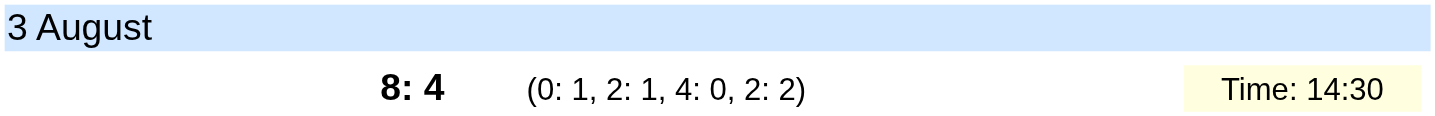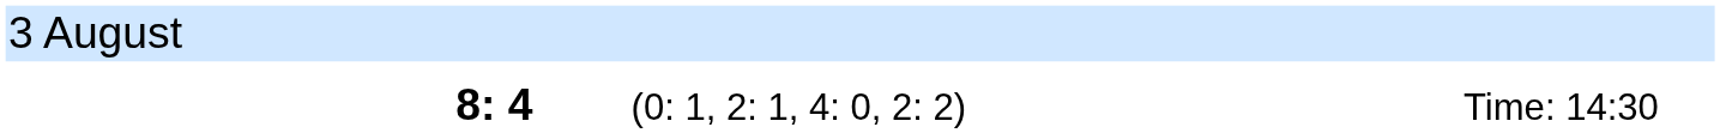 <table style="text-align:center">
 <tr style="text-align:left; background:#d0e7ff;">
 <td colspan=6>3 August</td>
 </tr>
 <tr style="font-size:90%; vertical-align:top;">
 <th width=140></th>
 <th width=60></th>
 <th width=150></th>
 <th width=140></th>
 <th width=100></th>
 </tr>
 <tr>
 <td align=right></td>
 <td><strong>8: 4</strong></td>
 <td><small>(0: 1, 2: 1, 4: 0, 2: 2)</small></td>
 <td align=left></td>
-<td style="background: lightyellow;"><small>Time: 14:30</small></td>
+<td><small>Time: 14:30</small></td>
 <td></td>
 </tr>
 </table>
